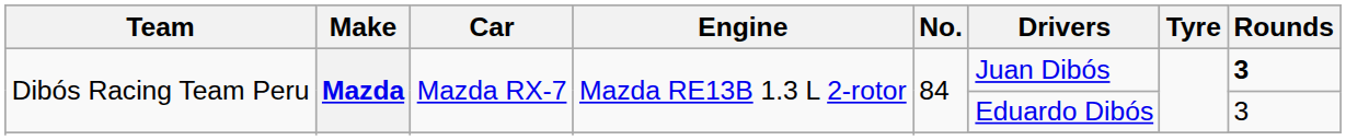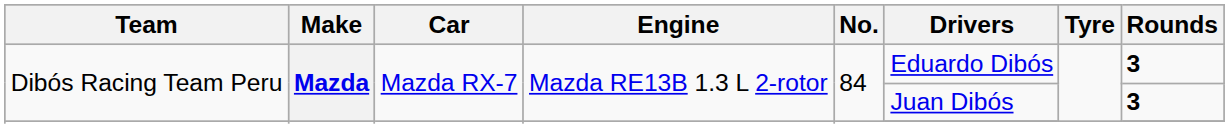 <table class="wikitable" style="font-size: 90%;">
 <tr>
 <th>Team</th>
 <th>Make</th>
 <th>Car</th>
 <th>Engine</th>
 <th>No.</th>
 <th>Drivers</th>
 <th>Tyre</th>
 <th>Rounds</th>
 </tr>
 <tr>
 <td rowspan=3>Dibós Racing Team Peru</td>
 <th rowspan=3><a href='#'>Mazda</a></th>
 <td rowspan=3><a href='#'>Mazda RX-7</a></td>
 <td rowspan=3><a href='#'>Mazda RE13B</a> 1.3 L <a href='#'>2-rotor</a></td>
 <td rowspan=3>84</td>
-<td> <a href='#'>Juan Dibós</a></td>
+<td> <a href='#'>Eduardo Dibós</a></td>
 <td rowspan=3></td>
 <td><strong>3</strong></td>
 </tr>
 <tr>
-<td> <a href='#'>Eduardo Dibós</a></td>
-<td>3</td>
+<td> <a href='#'>Juan Dibós</a></td>
+<td><strong>3</strong></td>
 </tr>
 <tr>
 </tr>
 </table>
